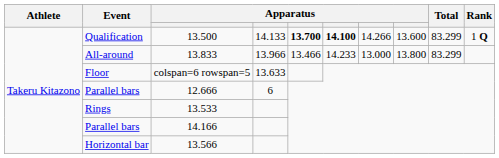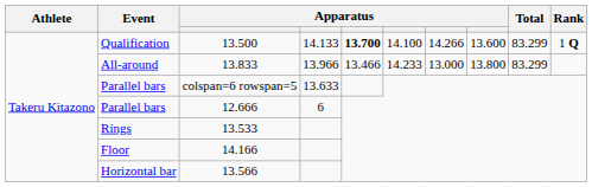 <table class="wikitable" style="font-size:90%">
 <tr>
 <th rowspan=2>Athlete</th>
 <th rowspan=2>Event</th>
 <th colspan =6>Apparatus</th>
 <th rowspan=2>Total</th>
 <th rowspan=2>Rank</th>
 </tr>
 <tr style="font-size:95%">
 <th></th>
 <th></th>
 <th></th>
 <th></th>
 <th></th>
 <th></th>
 </tr>
 <tr align=center>
 <td align=left rowspan=7><a href='#'>Takeru Kitazono</a></td>
 <td align=left><a href='#'>Qualification</a></td>
 <td>13.500</td>
 <td>14.133</td>
 <td><strong>13.700</strong></td>
-<td><strong>14.100</strong></td>
+<td>14.100</td>
 <td>14.266</td>
 <td>13.600</td>
 <td>83.299</td>
 <td>1 <strong>Q</strong></td>
 </tr>
 <tr align=center>
 <td align=left><a href='#'>All-around</a></td>
 <td>13.833</td>
 <td>13.966</td>
 <td>13.466</td>
 <td>14.233</td>
 <td>13.000</td>
 <td>13.800</td>
 <td>83.299</td>
 <td></td>
 </tr>
 <tr align=center>
-<td align=left><a href='#'>Floor</a></td>
+<td align=left><a href='#'>Parallel bars</a></td>
 <td>colspan=6 rowspan=5 </td>
 <td>13.633</td>
 <td></td>
 </tr>
 <tr align=center>
 <td align=left><a href='#'>Parallel bars</a></td>
 <td>12.666</td>
 <td>6</td>
 </tr>
 <tr align=center>
 <td align=left><a href='#'>Rings</a></td>
 <td>13.533</td>
 <td></td>
 </tr>
 <tr align=center>
-<td align=left><a href='#'>Parallel bars</a></td>
+<td align=left><a href='#'>Floor</a></td>
 <td>14.166</td>
 <td></td>
 </tr>
 <tr align=center>
 <td align=left><a href='#'>Horizontal bar</a></td>
 <td>13.566</td>
 <td></td>
 </tr>
 </table>
